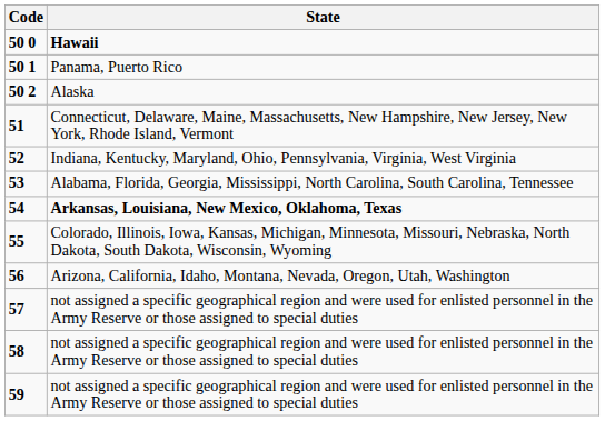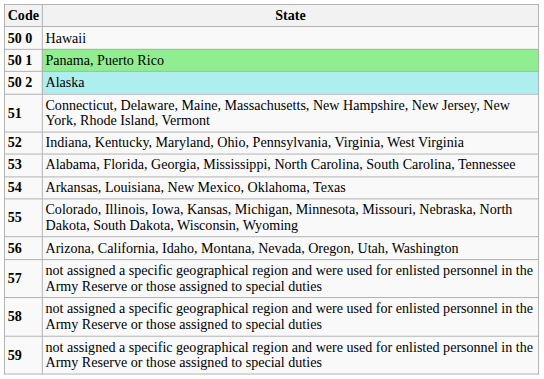 <table class="wikitable sortable">
 <tr>
 <th>Code</th>
 <th>State</th>
 </tr>
 <tr>
 <td><strong>50 0</strong></td>
-<td><strong>Hawaii</strong></td>
+<td>Hawaii</td>
 </tr>
 <tr>
 <td><strong>50 1</strong></td>
-<td>Panama, Puerto Rico</td>
+<td style="background: lightgreen;">Panama, Puerto Rico</td>
 </tr>
 <tr>
 <td><strong>50 2</strong></td>
-<td>Alaska</td>
+<td style="background: paleturquoise;">Alaska</td>
 </tr>
 <tr>
 <td><strong>51</strong></td>
 <td>Connecticut, Delaware, Maine, Massachusetts, New Hampshire, New Jersey, New York, Rhode Island, Vermont</td>
 </tr>
 <tr>
 <td><strong>52</strong></td>
 <td>Indiana, Kentucky, Maryland, Ohio, Pennsylvania, Virginia, West Virginia</td>
 </tr>
 <tr>
 <td><strong>53</strong></td>
 <td>Alabama, Florida, Georgia, Mississippi, North Carolina, South Carolina, Tennessee</td>
 </tr>
 <tr>
 <td><strong>54</strong></td>
-<td><strong>Arkansas, Louisiana, New Mexico, Oklahoma, Texas</strong></td>
+<td>Arkansas, Louisiana, New Mexico, Oklahoma, Texas</td>
 </tr>
 <tr>
 <td><strong>55</strong></td>
 <td>Colorado, Illinois, Iowa, Kansas, Michigan, Minnesota, Missouri, Nebraska, North Dakota, South Dakota, Wisconsin, Wyoming</td>
 </tr>
 <tr>
 <td><strong>56</strong></td>
 <td>Arizona, California, Idaho, Montana, Nevada, Oregon, Utah, Washington</td>
 </tr>
 <tr>
 <td><strong>57</strong></td>
 <td>not assigned a specific geographical region and were used for enlisted personnel in the Army Reserve or those assigned to special duties</td>
 </tr>
 <tr>
 <td><strong>58</strong></td>
 <td>not assigned a specific geographical region and were used for enlisted personnel in the Army Reserve or those assigned to special duties</td>
 </tr>
 <tr>
 <td><strong>59</strong></td>
 <td>not assigned a specific geographical region and were used for enlisted personnel in the Army Reserve or those assigned to special duties</td>
 </tr>
 </table>
